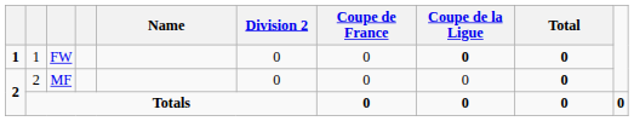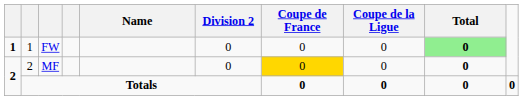 <table class="wikitable" style="text-align:center">
 <tr>
 <th width=15></th>
 <th width=15></th>
 <th width=15></th>
 <th width=15></th>
 <th width=145>Name</th>
 <th width=80><a href='#'>Division 2</a></th>
 <th width=100><a href='#'>Coupe de France</a></th>
 <th width=100><a href='#'>Coupe de la Ligue</a></th>
 <th width=100>Total</th>
 </tr>
 <tr>
 <td><strong>1</strong></td>
 <td>1</td>
 <td><a href='#'>FW</a></td>
 <td></td>
 <td align=left></td>
 <td>0</td>
 <td>0</td>
-<td><strong>0</strong></td>
-<td><strong>0</strong></td>
+<td>0</td>
+<td style="background: lightgreen;"><strong>0</strong></td>
 </tr>
 <tr>
 <td rowspan=2><strong>2</strong></td>
 <td>2</td>
 <td><a href='#'>MF</a></td>
 <td></td>
 <td align=left></td>
 <td>0</td>
-<td>0</td>
+<td style="background: gold;">0</td>
 <td>0</td>
 <td><strong>0</strong></td>
 </tr>
 <tr>
 <td colspan=5><strong>Totals</strong></td>
 <td><strong>0</strong></td>
 <td><strong>0</strong></td>
 <td><strong>0</strong></td>
 <td><strong>0</strong></td>
 </tr>
 </table>
